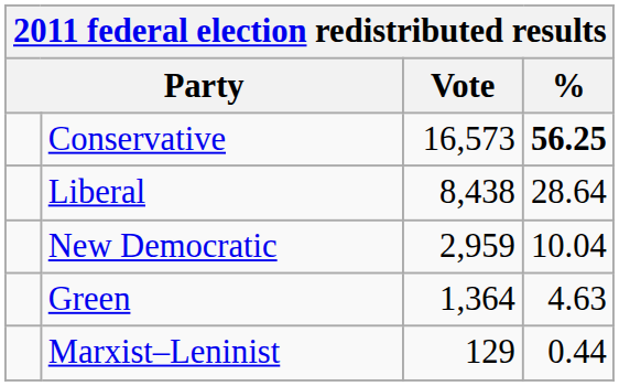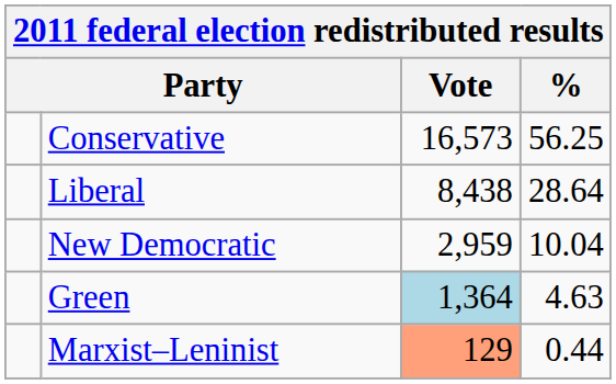 <table class="wikitable">
 <tr>
 <th colspan="4"><a href='#'>2011 federal election</a> redistributed results</th>
 </tr>
 <tr>
 <th bgcolor="#DDDDFF" width="130px" colspan="2">Party</th>
 <th bgcolor="#DDDDFF" width="50px">Vote</th>
 <th bgcolor="#DDDDFF" width="30px">%</th>
 </tr>
 <tr>
 <td> </td>
 <td><a href='#'>Conservative</a></td>
 <td align=right>16,573</td>
-<td align=right><strong>56.25</strong></td>
+<td align=right>56.25</td>
 </tr>
 <tr>
 <td> </td>
 <td><a href='#'>Liberal</a></td>
 <td align=right>8,438</td>
 <td align=right>28.64</td>
 </tr>
 <tr>
 <td> </td>
 <td><a href='#'>New Democratic</a></td>
 <td align=right>2,959</td>
 <td align=right>10.04</td>
 </tr>
 <tr>
 <td> </td>
 <td><a href='#'>Green</a></td>
-<td align=right>1,364</td>
+<td align=right style="background: lightblue;">1,364</td>
 <td align=right>4.63</td>
 </tr>
 <tr>
 <td> </td>
 <td><a href='#'>Marxist–Leninist</a></td>
-<td align=right>129</td>
+<td align=right style="background: lightsalmon;">129</td>
 <td align=right>0.44</td>
 </tr>
 </table>
